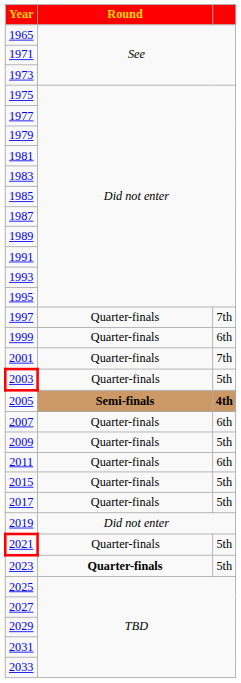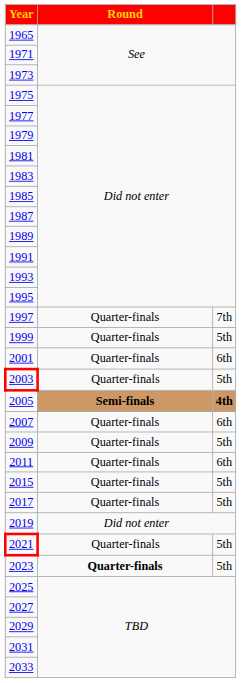 <table class="wikitable" style="text-align: center; font-size:90%">
 <tr style="color:gold;">
 <th style="background:#FF0000;">Year</th>
 <th style="background:#FF0000; width:200px">Round</th>
 <th style="background:#FF0000;"></th>
 </tr>
 <tr>
 <td><a href='#'>1965</a></td>
 <td colspan="2" rowspan="3"><em>See </em></td>
 </tr>
 <tr>
 <td><a href='#'>1971</a></td>
 </tr>
 <tr>
 <td><a href='#'>1973</a></td>
 </tr>
 <tr>
 <td><a href='#'>1975</a></td>
 <td colspan="2" rowspan="11"><em>Did not enter</em></td>
 </tr>
 <tr>
 <td><a href='#'>1977</a></td>
 </tr>
 <tr>
 <td><a href='#'>1979</a></td>
 </tr>
 <tr>
 <td><a href='#'>1981</a></td>
 </tr>
 <tr>
 <td><a href='#'>1983</a></td>
 </tr>
 <tr>
 <td><a href='#'>1985</a></td>
 </tr>
 <tr>
 <td><a href='#'>1987</a></td>
 </tr>
 <tr>
 <td><a href='#'>1989</a></td>
 </tr>
 <tr>
 <td><a href='#'>1991</a></td>
 </tr>
 <tr>
 <td><a href='#'>1993</a></td>
 </tr>
 <tr>
 <td><a href='#'>1995</a></td>
 </tr>
 <tr>
 <td><a href='#'>1997</a></td>
 <td>Quarter-finals</td>
 <td>7th</td>
 </tr>
 <tr>
 <td><a href='#'>1999</a></td>
 <td>Quarter-finals</td>
-<td>6th</td>
+<td>5th</td>
 </tr>
 <tr>
 <td><a href='#'>2001</a></td>
 <td>Quarter-finals</td>
-<td>7th</td>
+<td>6th</td>
 </tr>
 <tr>
 <td style="border: 3px solid red"><a href='#'>2003</a></td>
 <td>Quarter-finals</td>
 <td>5th</td>
 </tr>
 <tr>
 <td><a href='#'>2005</a></td>
 <td bgcolor="cc9966"><strong>Semi-finals</strong></td>
 <td bgcolor="cc9966"><strong>4th</strong></td>
 </tr>
 <tr>
 <td><a href='#'>2007</a></td>
 <td>Quarter-finals</td>
 <td>6th</td>
 </tr>
 <tr>
 <td><a href='#'>2009</a></td>
 <td>Quarter-finals</td>
 <td>5th</td>
 </tr>
 <tr>
 <td><a href='#'>2011</a></td>
 <td>Quarter-finals</td>
 <td>6th</td>
 </tr>
 <tr>
 <td><a href='#'>2015</a></td>
 <td>Quarter-finals</td>
 <td>5th</td>
 </tr>
 <tr>
 <td><a href='#'>2017</a></td>
 <td>Quarter-finals</td>
 <td>5th</td>
 </tr>
 <tr>
 <td><a href='#'>2019</a></td>
 <td colspan="2"><em>Did not enter</em></td>
 </tr>
 <tr>
 <td style="border: 3px solid red"><a href='#'>2021</a></td>
 <td>Quarter-finals</td>
 <td>5th</td>
 </tr>
 <tr>
 <td><a href='#'>2023</a></td>
 <td><strong>Quarter-finals</strong></td>
 <td>5th</td>
 </tr>
 <tr>
 <td><a href='#'>2025</a></td>
 <td colspan="2" rowspan="5"><em>TBD</em></td>
 </tr>
 <tr>
 <td><a href='#'>2027</a></td>
 </tr>
 <tr>
 <td><a href='#'>2029</a></td>
 </tr>
 <tr>
 <td><a href='#'>2031</a></td>
 </tr>
 <tr>
 <td><a href='#'>2033</a></td>
 </tr>
 </table>
